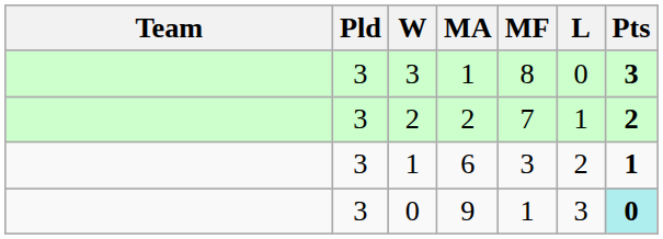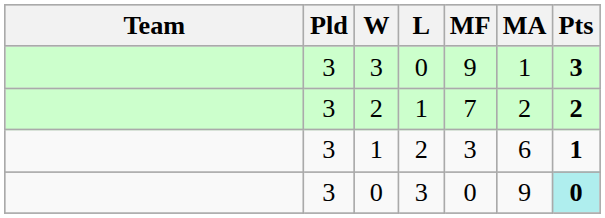 <table class=wikitable style="text-align:center">
 <tr>
 <th width=175>Team</th>
 <th width=20>Pld</th>
 <th width=20>W</th>
+<th width=20>L</th>
+<th width=20>MF</th>
 <th width=20>MA</th>
-<th width=20>MF</th>
-<th width=20>L</th>
 <th width=20>Pts</th>
 </tr>
 <tr style="background:#cfc;">
 <td style="text-align:left"></td>
 <td>3</td>
 <td>3</td>
+<td>0</td>
+<td>9</td>
 <td>1</td>
-<td>8</td>
-<td>0</td>
 <td><strong>3</strong></td>
 </tr>
 <tr style="background:#cfc;">
 <td style="text-align:left"></td>
 <td>3</td>
 <td>2</td>
+<td>1</td>
+<td>7</td>
 <td>2</td>
-<td>7</td>
-<td>1</td>
 <td><strong>2</strong></td>
 </tr>
 <tr>
 <td style="text-align:left"></td>
 <td>3</td>
 <td>1</td>
+<td>2</td>
+<td>3</td>
 <td>6</td>
-<td>3</td>
-<td>2</td>
 <td><strong>1</strong></td>
 </tr>
 <tr>
 <td style="text-align:left"></td>
 <td>3</td>
 <td>0</td>
+<td>3</td>
+<td>0</td>
 <td>9</td>
-<td>1</td>
-<td>3</td>
 <td style="background: paleturquoise;"><strong>0</strong></td>
 </tr>
 </table>
